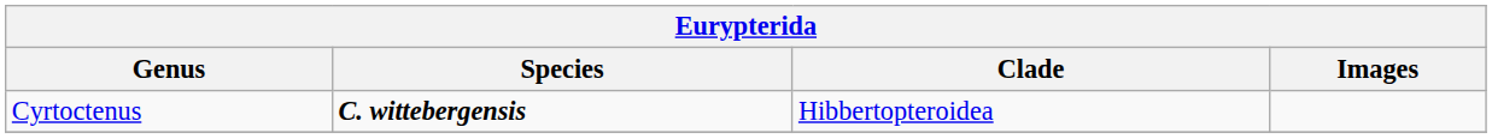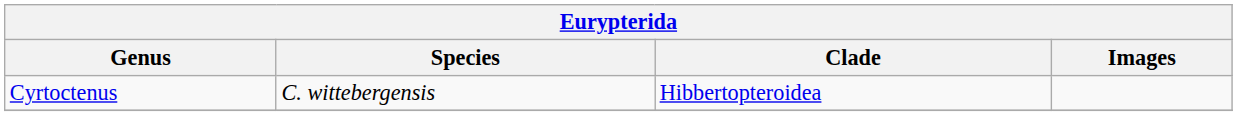 <table class="wikitable" align="center" width="100%">
 <tr>
 <th colspan="4" align="center"><strong><a href='#'>Eurypterida</a></strong></th>
 </tr>
 <tr>
 <th>Genus</th>
 <th>Species</th>
 <th>Clade</th>
 <th>Images</th>
 </tr>
 <tr>
 <td><a href='#'>Cyrtoctenus</a></td>
-<td><strong><em>C. wittebergensis</em></strong></td>
+<td><em>C. wittebergensis</em></td>
 <td><a href='#'>Hibbertopteroidea</a></td>
 <td></td>
 </tr>
 <tr>
 </tr>
 </table>
